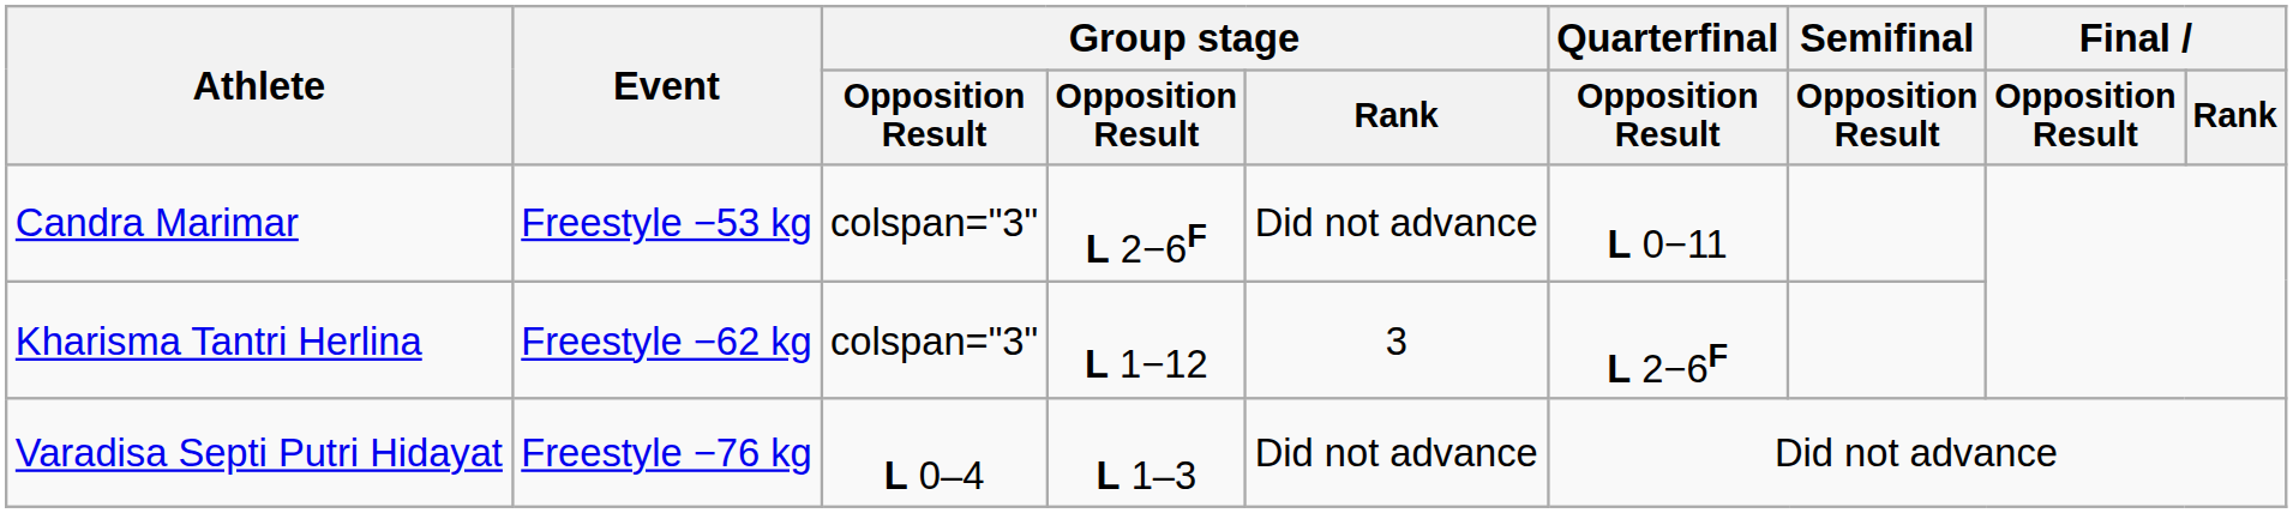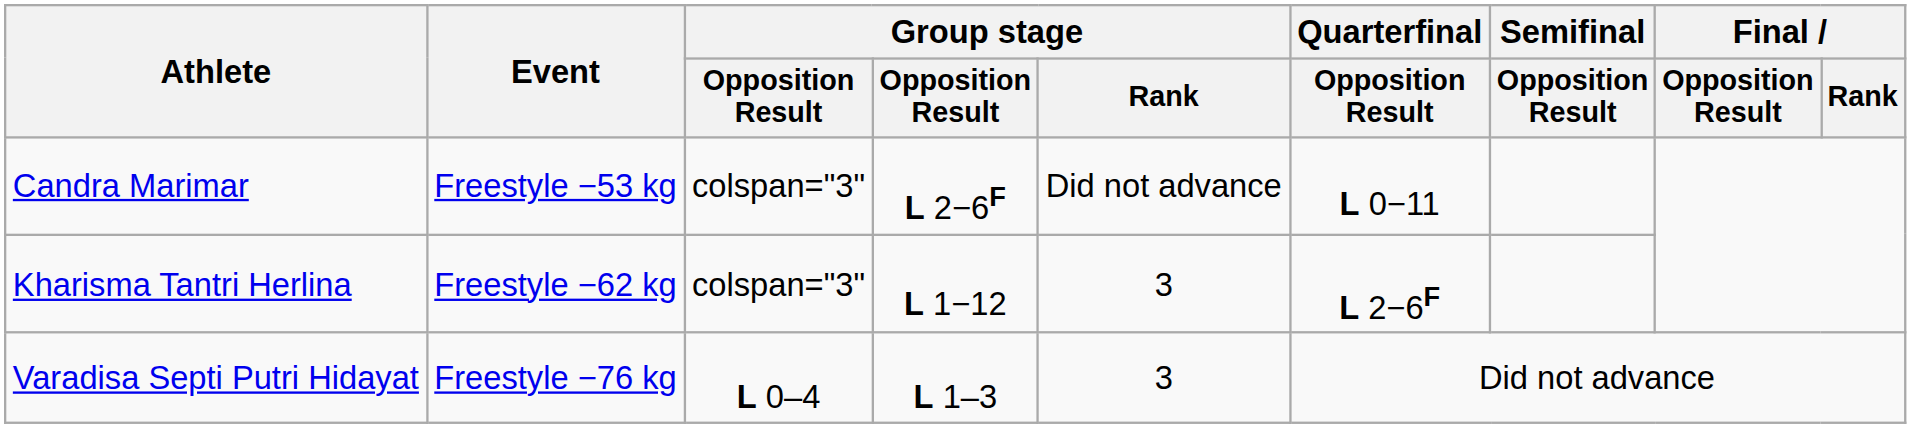 <table class=wikitable style=font-size:88%;text-align:center>
 <tr>
 <th rowspan=2>Athlete</th>
 <th rowspan=2>Event</th>
 <th colspan=3>Group stage</th>
 <th>Quarterfinal</th>
 <th>Semifinal</th>
 <th colspan=2>Final / </th>
 </tr>
 <tr style=font-size:88%>
 <th>Opposition<br>Result</th>
 <th>Opposition<br>Result</th>
 <th>Rank</th>
 <th>Opposition<br>Result</th>
 <th>Opposition<br>Result</th>
 <th>Opposition<br>Result</th>
 <th>Rank</th>
 </tr>
 <tr>
 <td align=left><a href='#'>Candra Marimar</a></td>
 <td align=left><a href='#'>Freestyle −53 kg</a></td>
 <td>colspan="3" </td>
 <td><br><strong>L</strong> 2−6<sup><strong>F</strong></sup></td>
 <td>Did not advance</td>
 <td><br><strong>L</strong> 0−11</td>
 <td></td>
 </tr>
 <tr>
 <td align=left><a href='#'>Kharisma Tantri Herlina</a></td>
 <td align=left><a href='#'>Freestyle −62 kg</a></td>
 <td>colspan="3" </td>
 <td><br><strong>L</strong> 1−12</td>
 <td>3</td>
 <td><br><strong>L</strong> 2−6<sup><strong>F</strong></sup></td>
 <td></td>
 </tr>
 <tr>
 <td align=left><a href='#'>Varadisa Septi Putri Hidayat</a></td>
 <td align=left><a href='#'>Freestyle −76 kg</a></td>
 <td><br><strong>L</strong> 0–4 <strong></strong></td>
 <td><br><strong>L</strong> 1–3 <strong></strong></td>
-<td>Did not advance</td>
+<td>3</td>
 <td colspan="4">Did not advance</td>
 </tr>
 </table>
